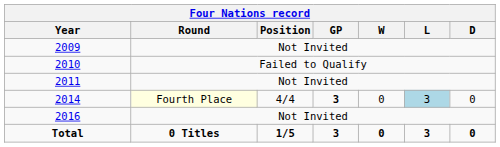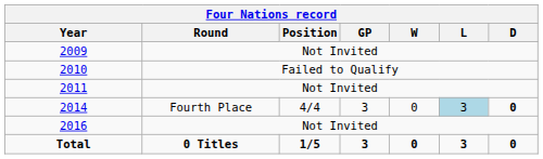 <table class="wikitable" style="text-align: center;">
 <tr>
 <th colspan=9><a href='#'>Four Nations record</a></th>
 </tr>
 <tr>
 <th width=150>Year</th>
 <th width=150>Round</th>
 <th width=50>Position</th>
 <th width=50>GP</th>
 <th width=50>W</th>
 <th width=50>L</th>
 <th width=50>D</th>
 </tr>
 <tr>
 <td> <a href='#'>2009</a></td>
 <td colspan="8">Not Invited</td>
 </tr>
 <tr>
 <td> <a href='#'>2010</a></td>
 <td colspan="8">Failed to Qualify</td>
 </tr>
 <tr>
 <td> <a href='#'>2011</a></td>
 <td colspan="8">Not Invited</td>
 </tr>
 <tr>
 <td> <a href='#'>2014</a></td>
-<td style="background: lightyellow;">Fourth Place</td>
+<td>Fourth Place</td>
 <td>4/4</td>
-<td><strong>3</strong></td>
+<td>3</td>
 <td>0</td>
 <td style="background: lightblue;">3</td>
-<td>0</td>
+<td><strong>0</strong></td>
 </tr>
 <tr>
 <td> <a href='#'>2016</a></td>
 <td colspan="8">Not Invited</td>
 </tr>
 <tr>
 <td><strong>Total</strong></td>
 <td><strong>0 Titles</strong></td>
 <td><strong>1/5</strong></td>
 <td><strong>3</strong></td>
 <td><strong>0</strong></td>
 <td><strong>3</strong></td>
 <td><strong>0</strong></td>
 </tr>
 </table>
